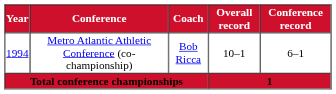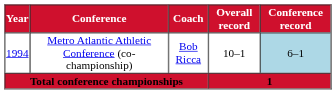 <table cellpadding="1" border="1" cellspacing="0" width="75%" style="text-align:center;">
 <tr style="background:#CF102D; color:white;">
 <th>Year</th>
 <th>Conference</th>
 <th>Coach</th>
 <th>Overall record</th>
 <th>Conference record</th>
 </tr>
 <tr>
 <td><a href='#'>1994</a></td>
 <td><a href='#'>Metro Atlantic Athletic Conference</a> (co-championship)</td>
 <td><a href='#'>Bob Ricca</a></td>
 <td>10–1</td>
-<td>6–1</td>
+<td style="background: lightblue;">6–1</td>
 </tr>
 <tr>
 <td colspan=3 bgcolor="#CF102D"><span> <strong>Total conference championships</strong></span></td>
 <td colspan=2 bgcolor="#CF102D"><span> <strong>1</strong></span></td>
 </tr>
 <tr>
 </tr>
 </table>
